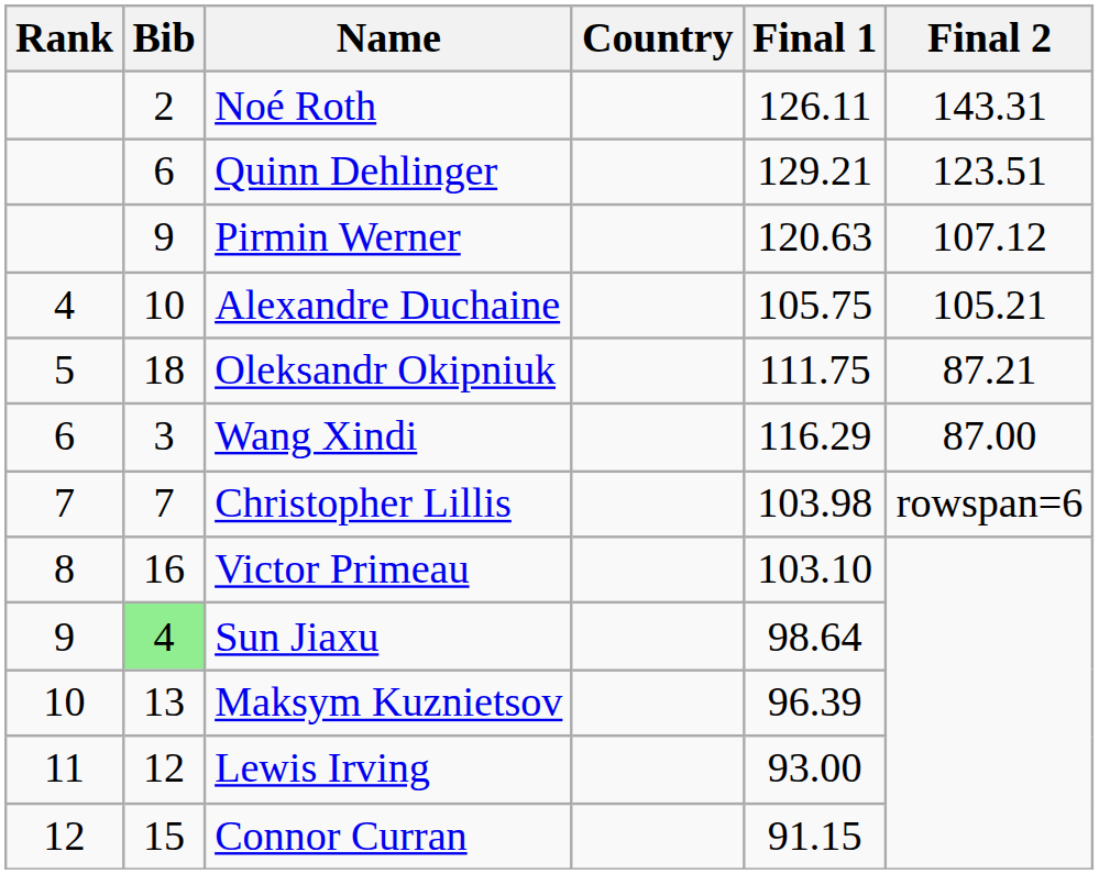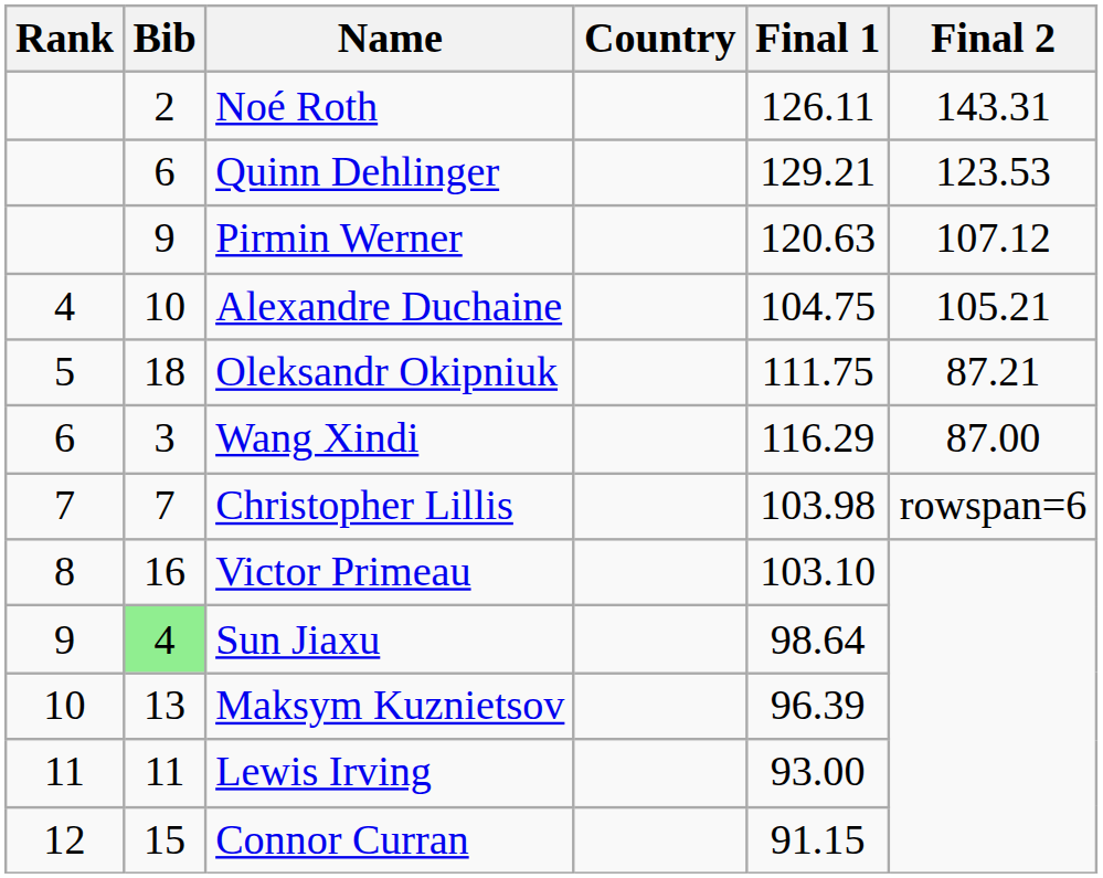 <table class="wikitable sortable" style="text-align:center">
 <tr>
 <th>Rank</th>
 <th>Bib</th>
 <th>Name</th>
 <th>Country</th>
 <th>Final 1</th>
 <th>Final 2</th>
 </tr>
 <tr>
 <td></td>
 <td>2</td>
 <td align=left><a href='#'>Noé Roth</a></td>
 <td align=left></td>
 <td>126.11</td>
 <td>143.31</td>
 </tr>
 <tr>
 <td></td>
 <td>6</td>
 <td align=left><a href='#'>Quinn Dehlinger</a></td>
 <td align=left></td>
 <td>129.21</td>
-<td>123.51</td>
+<td>123.53</td>
 </tr>
 <tr>
 <td></td>
 <td>9</td>
 <td align=left><a href='#'>Pirmin Werner</a></td>
 <td align=left></td>
 <td>120.63</td>
 <td>107.12</td>
 </tr>
 <tr>
 <td>4</td>
 <td>10</td>
 <td align=left><a href='#'>Alexandre Duchaine</a></td>
 <td align=left></td>
-<td>105.75</td>
+<td>104.75</td>
 <td>105.21</td>
 </tr>
 <tr>
 <td>5</td>
 <td>18</td>
 <td align=left><a href='#'>Oleksandr Okipniuk</a></td>
 <td align=left></td>
 <td>111.75</td>
 <td>87.21</td>
 </tr>
 <tr>
 <td>6</td>
 <td>3</td>
 <td align=left><a href='#'>Wang Xindi</a></td>
 <td align=left></td>
 <td>116.29</td>
 <td>87.00</td>
 </tr>
 <tr>
 <td>7</td>
 <td>7</td>
 <td align=left><a href='#'>Christopher Lillis</a></td>
 <td align=left></td>
 <td>103.98</td>
 <td>rowspan=6</td>
 </tr>
 <tr>
 <td>8</td>
 <td>16</td>
 <td align=left><a href='#'>Victor Primeau</a></td>
 <td align=left></td>
 <td>103.10</td>
 </tr>
 <tr>
 <td>9</td>
 <td style="background: lightgreen;">4</td>
 <td align=left><a href='#'>Sun Jiaxu</a></td>
 <td align=left></td>
 <td>98.64</td>
 </tr>
 <tr>
 <td>10</td>
 <td>13</td>
 <td align=left><a href='#'>Maksym Kuznietsov</a></td>
 <td align=left></td>
 <td>96.39</td>
 </tr>
 <tr>
 <td>11</td>
-<td>12</td>
+<td>11</td>
 <td align=left><a href='#'>Lewis Irving</a></td>
 <td align=left></td>
 <td>93.00</td>
 </tr>
 <tr>
 <td>12</td>
 <td>15</td>
 <td align=left><a href='#'>Connor Curran</a></td>
 <td align=left></td>
 <td>91.15</td>
 </tr>
 </table>
